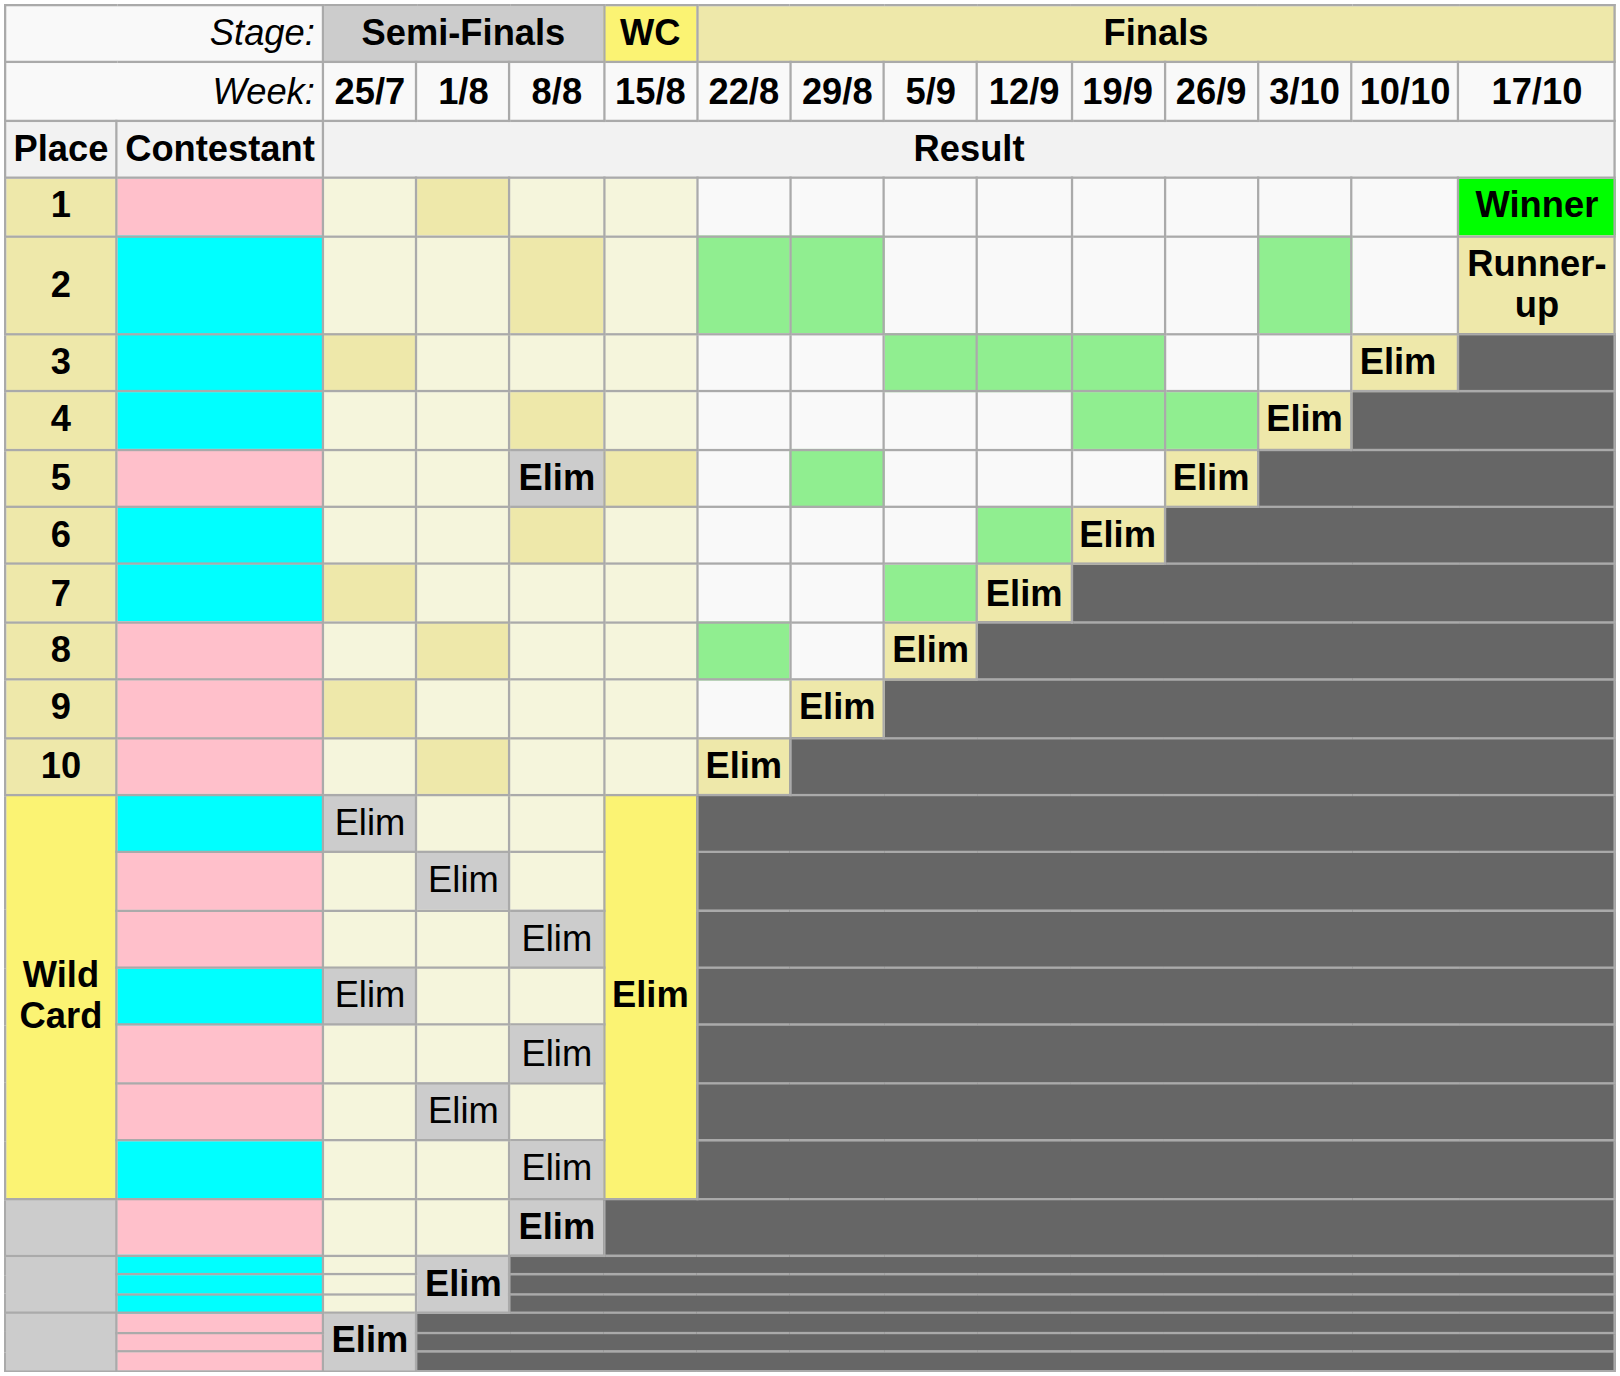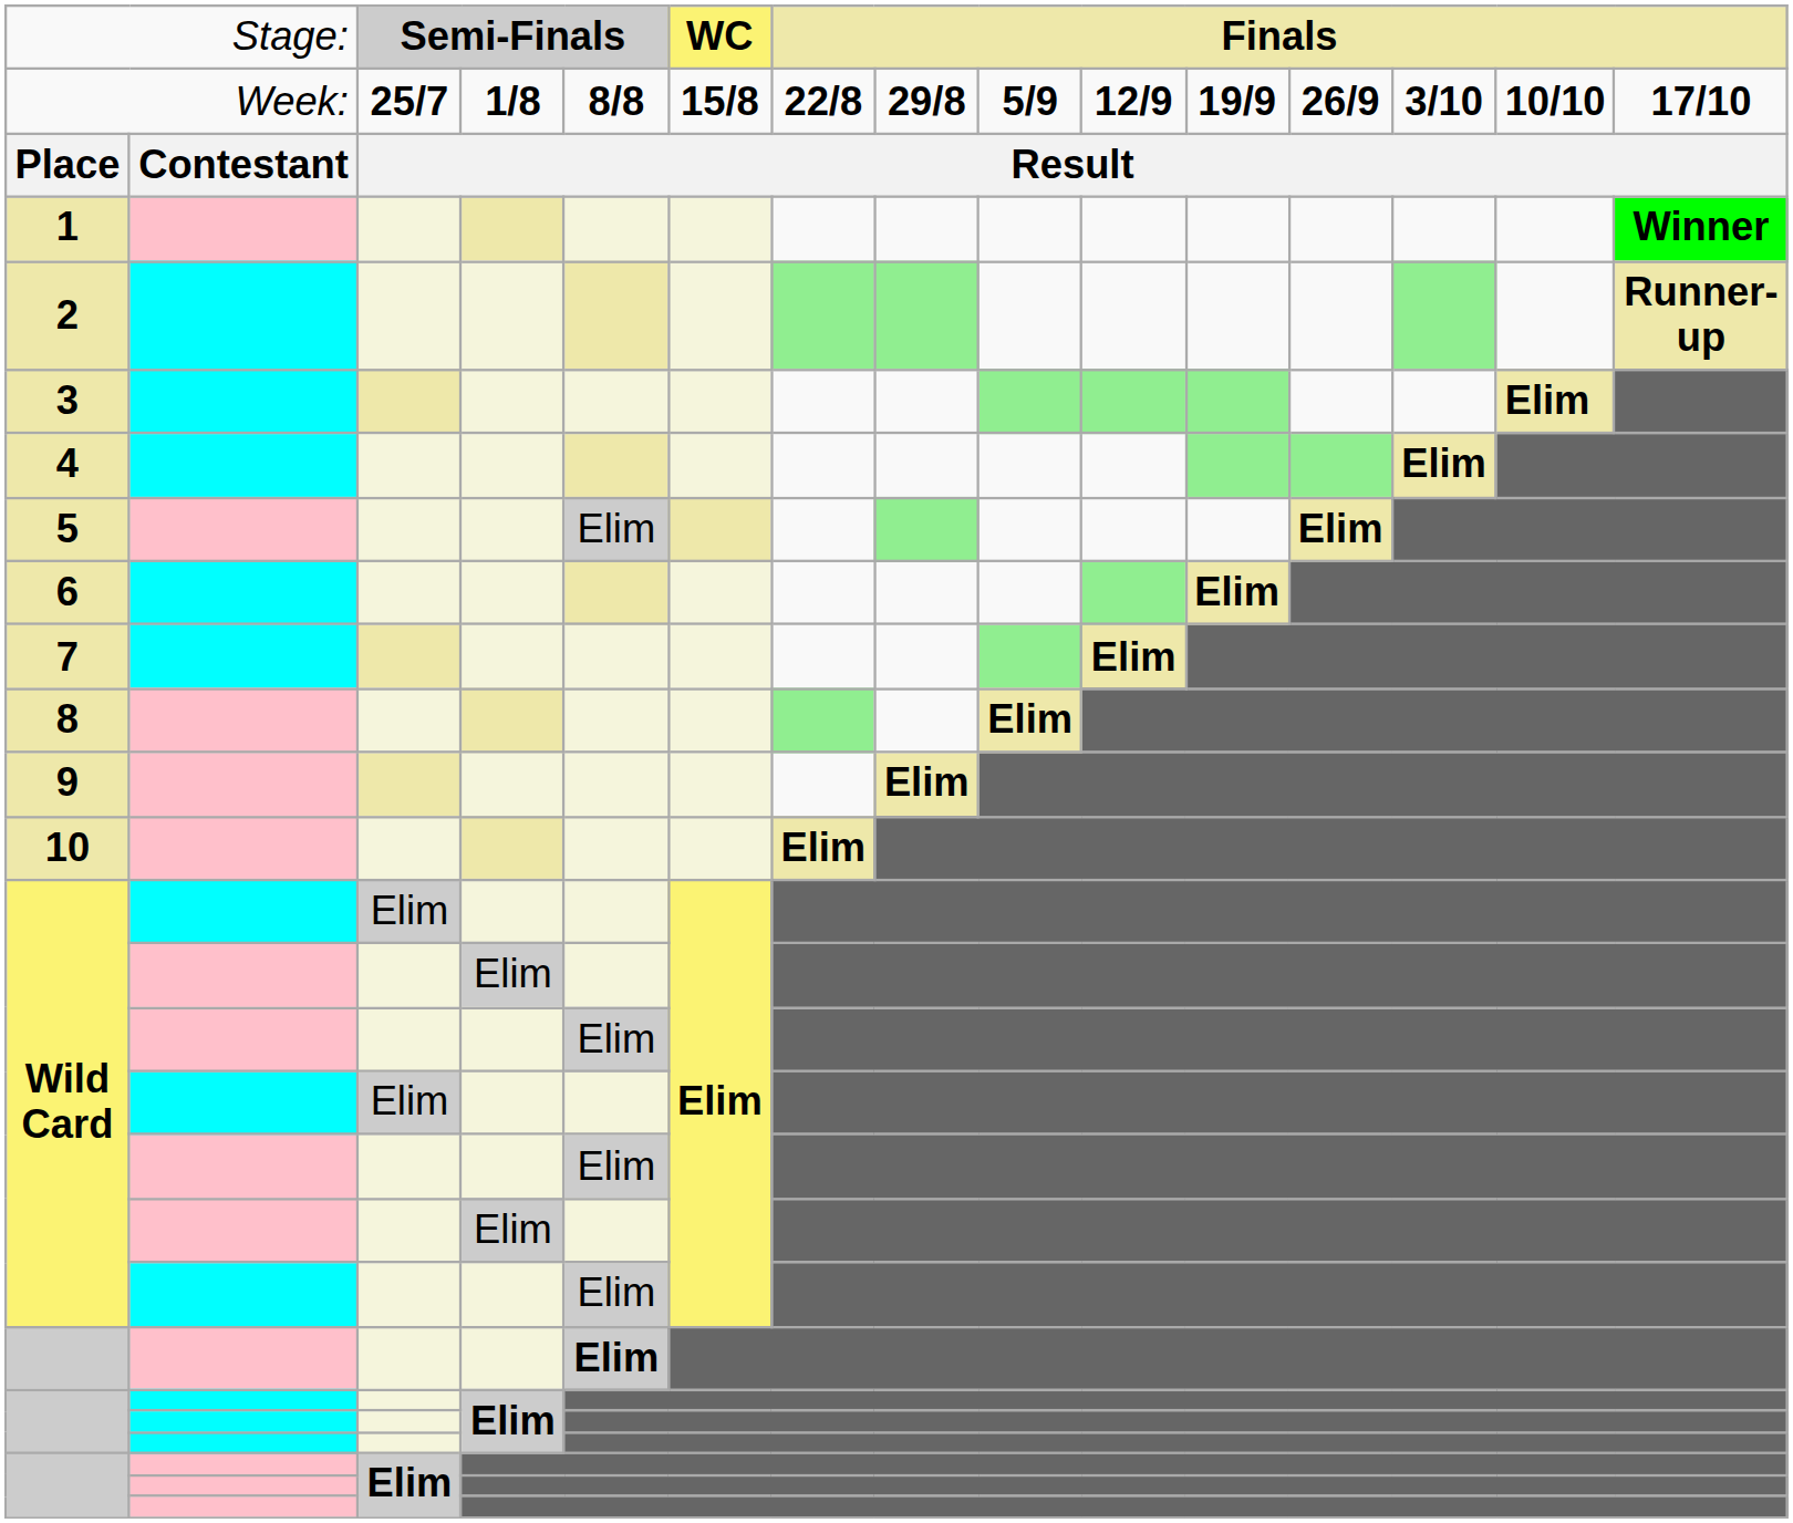 <table class="wikitable" style="margin:1em auto;">
 <tr>
 <td colspan="2" align="right"><em>Stage:</em></td>
 <td colspan="3" bgcolor="CCCCCC" align="Center"><strong>Semi-Finals</strong></td>
 <td colspan="1" bgcolor="#FBF373" align="center"><strong>WC</strong></td>
 <td colspan="9" bgcolor="palegoldenrod" align="Center"><strong>Finals</strong></td>
 </tr>
 <tr>
 <td colspan="2" align="right"><em>Week:</em></td>
 <td align="center"><strong>25/7</strong></td>
 <td align="center"><strong>1/8</strong></td>
 <td align="center"><strong>8/8</strong></td>
 <td align="center"><strong>15/8</strong></td>
 <td align="center"><strong>22/8</strong></td>
 <td align="center"><strong>29/8</strong></td>
 <td align="center"><strong>5/9</strong></td>
 <td align="center"><strong>12/9</strong></td>
 <td align="center"><strong>19/9</strong></td>
 <td align="center"><strong>26/9</strong></td>
 <td align="center"><strong>3/10</strong></td>
 <td align="center"><strong>10/10</strong></td>
 <td align="center"><strong>17/10</strong></td>
 </tr>
 <tr>
 <th>Place</th>
 <th>Contestant</th>
 <th colspan="13" align="center">Result</th>
 </tr>
 <tr>
 <td align="center" bgcolor="palegoldenrod"><strong>1</strong></td>
 <td bgcolor="pink"></td>
 <td bgcolor="F5F5DC"></td>
 <td bgcolor="palegoldenrod" align="center"></td>
 <td bgcolor="F5F5DC"></td>
 <td bgcolor="F5F5DC"></td>
 <td></td>
 <td></td>
 <td></td>
 <td></td>
 <td></td>
 <td></td>
 <td></td>
 <td></td>
 <td align="center" bgcolor=lime><strong>Winner</strong></td>
 </tr>
 <tr>
 <td align="center" bgcolor="palegoldenrod"><strong>2</strong></td>
 <td bgcolor="cyan"></td>
 <td bgcolor="F5F5DC"></td>
 <td bgcolor="F5F5DC"></td>
 <td bgcolor="palegoldenrod" align="center"></td>
 <td bgcolor="F5F5DC"></td>
 <td bgcolor="lightgreen" align="center"></td>
 <td bgcolor="lightgreen" align="center"></td>
 <td></td>
 <td></td>
 <td></td>
 <td></td>
 <td bgcolor="lightgreen" align="center"></td>
 <td></td>
 <td align="center" bgcolor="palegoldenrod"><strong>Runner-up</strong></td>
 </tr>
 <tr>
 <td align="center" bgcolor="palegoldenrod"><strong>3</strong></td>
 <td bgcolor="cyan"></td>
 <td bgcolor="palegoldenrod" align="center"></td>
 <td bgcolor="F5F5DC"></td>
 <td bgcolor="F5F5DC"></td>
 <td bgcolor="F5F5DC"></td>
 <td></td>
 <td></td>
 <td bgcolor="lightgreen" align="center"></td>
 <td bgcolor="lightgreen" align="center"></td>
 <td bgcolor="lightgreen" align="center"></td>
 <td></td>
 <td></td>
 <td bgcolor="palegoldenrod"><strong>Elim</strong></td>
 <td bgcolor="666666" colspan="3"></td>
 </tr>
 <tr>
 <td align="center" bgcolor="palegoldenrod"><strong>4</strong></td>
 <td bgcolor="cyan"></td>
 <td bgcolor="F5F5DC"></td>
 <td bgcolor="F5F5DC"></td>
 <td bgcolor="palegoldenrod" align="center"></td>
 <td bgcolor="F5F5DC"></td>
 <td></td>
 <td></td>
 <td></td>
 <td></td>
 <td bgcolor="lightgreen" align="center"></td>
 <td bgcolor="lightgreen" align="center"></td>
 <td bgcolor="palegoldenrod"><strong>Elim</strong></td>
 <td bgcolor="666666" colspan="4"></td>
 </tr>
 <tr>
 <td align="center" bgcolor="palegoldenrod"><strong>5</strong></td>
 <td bgcolor="pink"></td>
 <td bgcolor="F5F5DC"></td>
 <td bgcolor="F5F5DC"></td>
-<td bgcolor="#CCCCCC" align="center"><strong>Elim</strong></td>
+<td bgcolor="#CCCCCC" align="center">Elim</td>
 <td bgcolor="palegoldenrod" align="center"></td>
 <td></td>
 <td bgcolor="lightgreen" align="center"></td>
 <td></td>
 <td></td>
 <td></td>
 <td bgcolor="palegoldenrod"><strong>Elim</strong></td>
 <td bgcolor="666666" colspan="5"></td>
 </tr>
 <tr>
 <td align="center" bgcolor="palegoldenrod"><strong>6</strong></td>
 <td bgcolor="cyan"></td>
 <td bgcolor="F5F5DC"></td>
 <td bgcolor="F5F5DC"></td>
 <td bgcolor="palegoldenrod" align="center"></td>
 <td bgcolor="F5F5DC"></td>
 <td></td>
 <td></td>
 <td></td>
 <td bgcolor="lightgreen" align="center"></td>
 <td bgcolor="palegoldenrod"><strong>Elim</strong></td>
 <td bgcolor="666666" colspan="6"></td>
 </tr>
 <tr>
 <td align="center" bgcolor="palegoldenrod"><strong>7</strong></td>
 <td bgcolor="cyan"></td>
 <td bgcolor="palegoldenrod" align="center"></td>
 <td bgcolor="F5F5DC"></td>
 <td bgcolor="F5F5DC"></td>
 <td bgcolor="F5F5DC"></td>
 <td></td>
 <td></td>
 <td bgcolor="lightgreen" align="center"></td>
 <td bgcolor="palegoldenrod"><strong>Elim</strong></td>
 <td bgcolor="666666" colspan="7"></td>
 </tr>
 <tr>
 <td align="center" bgcolor="palegoldenrod"><strong>8</strong></td>
 <td bgcolor="pink"></td>
 <td bgcolor="F5F5DC"></td>
 <td bgcolor="palegoldenrod" align="center"></td>
 <td bgcolor="F5F5DC"></td>
 <td bgcolor="F5F5DC"></td>
 <td bgcolor="lightgreen" align="center"></td>
 <td></td>
 <td bgcolor="palegoldenrod"><strong>Elim</strong></td>
 <td bgcolor="666666" colspan="8"></td>
 </tr>
 <tr>
 <td align="center" bgcolor="palegoldenrod"><strong>9</strong></td>
 <td bgcolor="pink"></td>
 <td bgcolor="palegoldenrod" align="center"></td>
 <td bgcolor="F5F5DC"></td>
 <td bgcolor="F5F5DC"></td>
 <td bgcolor="F5F5DC"></td>
 <td></td>
 <td bgcolor="palegoldenrod"><strong>Elim</strong></td>
 <td bgcolor="666666" colspan="9"></td>
 </tr>
 <tr>
 <td align="center" bgcolor="palegoldenrod"><strong>10</strong></td>
 <td bgcolor="pink"></td>
 <td bgcolor="F5F5DC"></td>
 <td bgcolor="palegoldenrod" align="center"></td>
 <td bgcolor="F5F5DC"></td>
 <td bgcolor="F5F5DC"></td>
 <td bgcolor="palegoldenrod"><strong>Elim</strong></td>
 <td bgcolor="666666" colspan="10"></td>
 </tr>
 <tr>
 <td bgcolor="#FBF373" align="center" rowspan="7"><strong>Wild<br>Card</strong></td>
 <td bgcolor="cyan"></td>
 <td bgcolor="#CCCCCC" align="center">Elim</td>
 <td bgcolor="F5F5DC"></td>
 <td bgcolor="F5F5DC"></td>
 <td bgcolor="#FBF373" align="center" rowspan="7"><strong>Elim</strong></td>
 <td bgcolor="666666" colspan="11"></td>
 </tr>
 <tr>
 <td bgcolor="pink"></td>
 <td bgcolor="F5F5DC"></td>
 <td bgcolor="#CCCCCC" align="center">Elim</td>
 <td bgcolor="F5F5DC"></td>
 <td bgcolor="666666" colspan="11"></td>
 </tr>
 <tr>
 <td bgcolor="pink"></td>
 <td bgcolor="F5F5DC"></td>
 <td bgcolor="F5F5DC"></td>
 <td bgcolor="#CCCCCC" align="center">Elim</td>
 <td bgcolor="666666" colspan="11"></td>
 </tr>
 <tr>
 <td bgcolor="cyan"></td>
 <td bgcolor="#CCCCCC" align="center">Elim</td>
 <td bgcolor="F5F5DC"></td>
 <td bgcolor="F5F5DC"></td>
 <td bgcolor="666666" colspan="11"></td>
 </tr>
 <tr>
 <td bgcolor="pink"></td>
 <td bgcolor="F5F5DC"></td>
 <td bgcolor="F5F5DC"></td>
 <td bgcolor="#CCCCCC" align="center">Elim</td>
 <td bgcolor="666666" colspan="11"></td>
 </tr>
 <tr>
 <td bgcolor="pink"></td>
 <td bgcolor="F5F5DC"></td>
 <td bgcolor="#CCCCCC" align="center">Elim</td>
 <td bgcolor="F5F5DC"></td>
 <td bgcolor="666666" colspan="11"></td>
 </tr>
 <tr>
 <td bgcolor="cyan"></td>
 <td bgcolor="F5F5DC"></td>
 <td bgcolor="F5F5DC"></td>
 <td bgcolor="#CCCCCC" align="center">Elim</td>
 <td bgcolor="666666" colspan="11"></td>
 </tr>
 <tr>
 <td bgcolor="#CCCCCC" align="center" rowspan="1"></td>
 <td bgcolor="pink"></td>
 <td bgcolor="F5F5DC"></td>
 <td bgcolor="F5F5DC"></td>
 <td bgcolor="#CCCCCC" align="center" rowspan="1"><strong>Elim</strong></td>
 <td bgcolor="#666666" colspan="12"></td>
 </tr>
 <tr>
 <td bgcolor="#CCCCCC" align="center" rowspan="3"></td>
 <td bgcolor="cyan"></td>
 <td bgcolor="F5F5DC"></td>
 <td bgcolor="#CCCCCC" align="center" rowspan="3"><strong>Elim</strong></td>
 <td bgcolor="#666666" colspan="13"></td>
 </tr>
 <tr>
 <td bgcolor="cyan"></td>
 <td bgcolor="F5F5DC"></td>
 <td bgcolor="#666666" colspan="13"></td>
 </tr>
 <tr>
 <td bgcolor="cyan"></td>
 <td bgcolor="F5F5DC"></td>
 <td bgcolor="#666666" colspan="13"></td>
 </tr>
 <tr>
 <td bgcolor="#CCCCCC" align="center" rowspan="3"></td>
 <td bgcolor="pink"></td>
 <td bgcolor="#CCCCCC" align="center" rowspan="3"><strong>Elim</strong></td>
 <td bgcolor="#666666" colspan="14"></td>
 </tr>
 <tr>
 <td bgcolor="pink"></td>
 <td bgcolor="#666666" colspan="14"></td>
 </tr>
 <tr>
 <td bgcolor="pink"></td>
 <td bgcolor="#666666" colspan="14"></td>
 </tr>
 <tr>
 </tr>
 </table>
